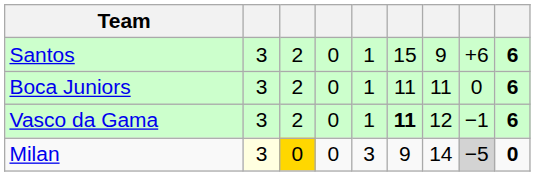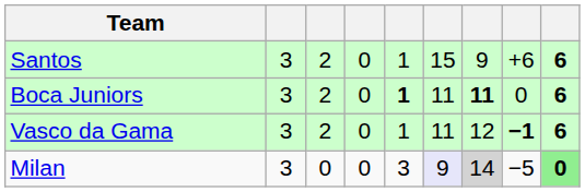 <table class="wikitable" style="text-align: center;">
 <tr>
 <th width="175">Team</th>
 <th width="20"></th>
 <th width="20"></th>
 <th width="20"></th>
 <th width="20"></th>
 <th width="20"></th>
 <th width="20"></th>
 <th width="20"></th>
 <th width="20"></th>
 </tr>
 <tr style="background-color: #ccffcc;">
 <td align=left> <a href='#'>Santos</a></td>
 <td>3</td>
 <td>2</td>
 <td>0</td>
 <td>1</td>
 <td>15</td>
 <td>9</td>
 <td>+6</td>
 <td><strong>6</strong></td>
 </tr>
 <tr style="background-color: #ccffcc;">
 <td align=left> <a href='#'>Boca Juniors</a></td>
 <td>3</td>
 <td>2</td>
 <td>0</td>
-<td>1</td>
+<td><strong>1</strong></td>
 <td>11</td>
-<td>11</td>
+<td><strong>11</strong></td>
 <td>0</td>
 <td><strong>6</strong></td>
 </tr>
 <tr style="background-color: #ccffcc;">
 <td align=left> <a href='#'>Vasco da Gama</a></td>
 <td>3</td>
 <td>2</td>
 <td>0</td>
 <td>1</td>
-<td><strong>11</strong></td>
+<td>11</td>
 <td>12</td>
-<td>−1</td>
+<td><strong>−1</strong></td>
 <td><strong>6</strong></td>
 </tr>
 <tr>
 <td align=left> <a href='#'>Milan</a></td>
-<td style="background: lightyellow;">3</td>
-<td style="background: gold;">0</td>
+<td>3</td>
+<td>0</td>
 <td>0</td>
 <td>3</td>
-<td>9</td>
-<td>14</td>
-<td style="background: lightgrey;">−5</td>
-<td><strong>0</strong></td>
+<td style="background: lavender;">9</td>
+<td style="background: lightgrey;">14</td>
+<td>−5</td>
+<td style="background: lightgreen;"><strong>0</strong></td>
 </tr>
 </table>
